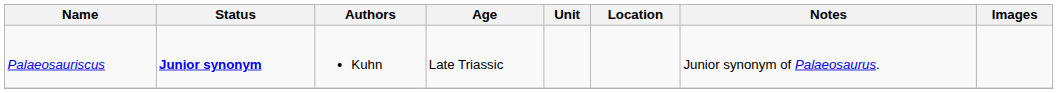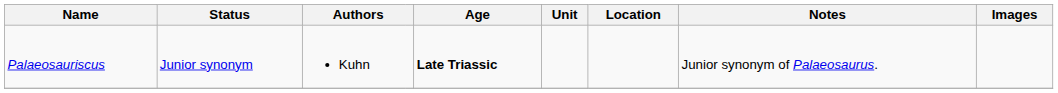 <table class="wikitable sortable" align="center" width="100%">
 <tr>
 <th>Name</th>
 <th>Status</th>
 <th colspan="2">Authors</th>
 <th>Age</th>
 <th>Unit</th>
 <th>Location</th>
 <th class="unsortable">Notes</th>
 <th class="unsortable">Images</th>
 </tr>
 <tr>
 <td><br><em><a href='#'>Palaeosauriscus</a></em></td>
-<td><strong><br><a href='#'>Junior synonym</a></strong></td>
+<td><br><a href='#'>Junior synonym</a></td>
 <td style="border-right:0px" valign="top"><br><ul><li>Kuhn</li></ul></td>
 <td style="border-left:0px" valign="top"></td>
-<td><br>Late Triassic</td>
+<td><strong><br>Late Triassic</strong></td>
 <td></td>
 <td></td>
 <td><br>Junior synonym of <em><a href='#'>Palaeosaurus</a></em>.</td>
 <td></td>
 </tr>
 <tr>
 </tr>
 </table>
